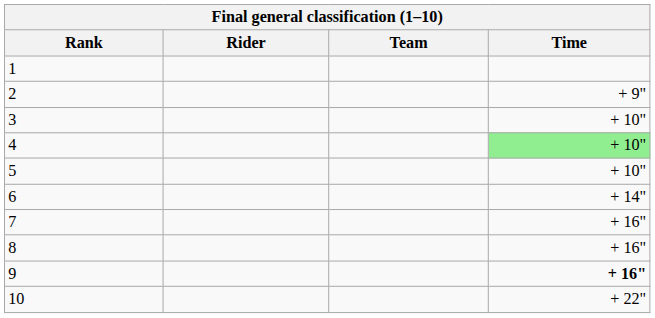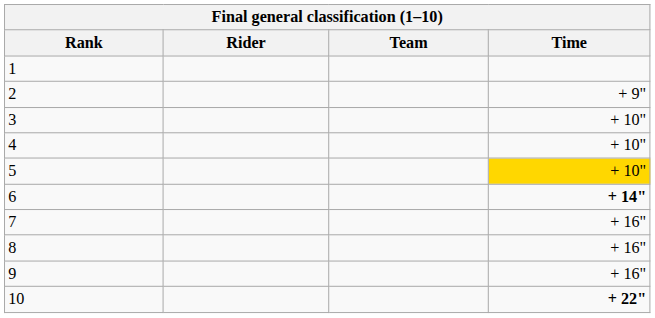 <table class="wikitable" style="width:40em;margin-bottom:0">
 <tr>
 <th colspan=4>Final general classification (1–10)</th>
 </tr>
 <tr>
 <th>Rank</th>
 <th>Rider</th>
 <th>Team</th>
 <th>Time</th>
 </tr>
 <tr>
 <td>1</td>
 <td> </td>
 <td></td>
 <td align="right"></td>
 </tr>
 <tr>
 <td>2</td>
 <td></td>
 <td></td>
 <td align="right">+ 9"</td>
 </tr>
 <tr>
 <td>3</td>
 <td></td>
 <td></td>
 <td align="right">+ 10"</td>
 </tr>
 <tr>
 <td>4</td>
 <td></td>
 <td></td>
-<td align="right" style="background: lightgreen;">+ 10"</td>
+<td align="right">+ 10"</td>
 </tr>
 <tr>
 <td>5</td>
 <td></td>
 <td></td>
-<td align="right">+ 10"</td>
+<td align="right" style="background: gold;">+ 10"</td>
 </tr>
 <tr>
 <td>6</td>
 <td></td>
 <td></td>
-<td align="right">+ 14"</td>
+<td align="right"><strong>+ 14"</strong></td>
 </tr>
 <tr>
 <td>7</td>
 <td></td>
 <td></td>
 <td align="right">+ 16"</td>
 </tr>
 <tr>
 <td>8</td>
 <td></td>
 <td></td>
 <td align="right">+ 16"</td>
 </tr>
 <tr>
 <td>9</td>
 <td></td>
 <td></td>
-<td align="right"><strong>+ 16"</strong></td>
+<td align="right">+ 16"</td>
 </tr>
 <tr>
 <td>10</td>
 <td></td>
 <td></td>
-<td align="right">+ 22"</td>
+<td align="right"><strong>+ 22"</strong></td>
 </tr>
 </table>
